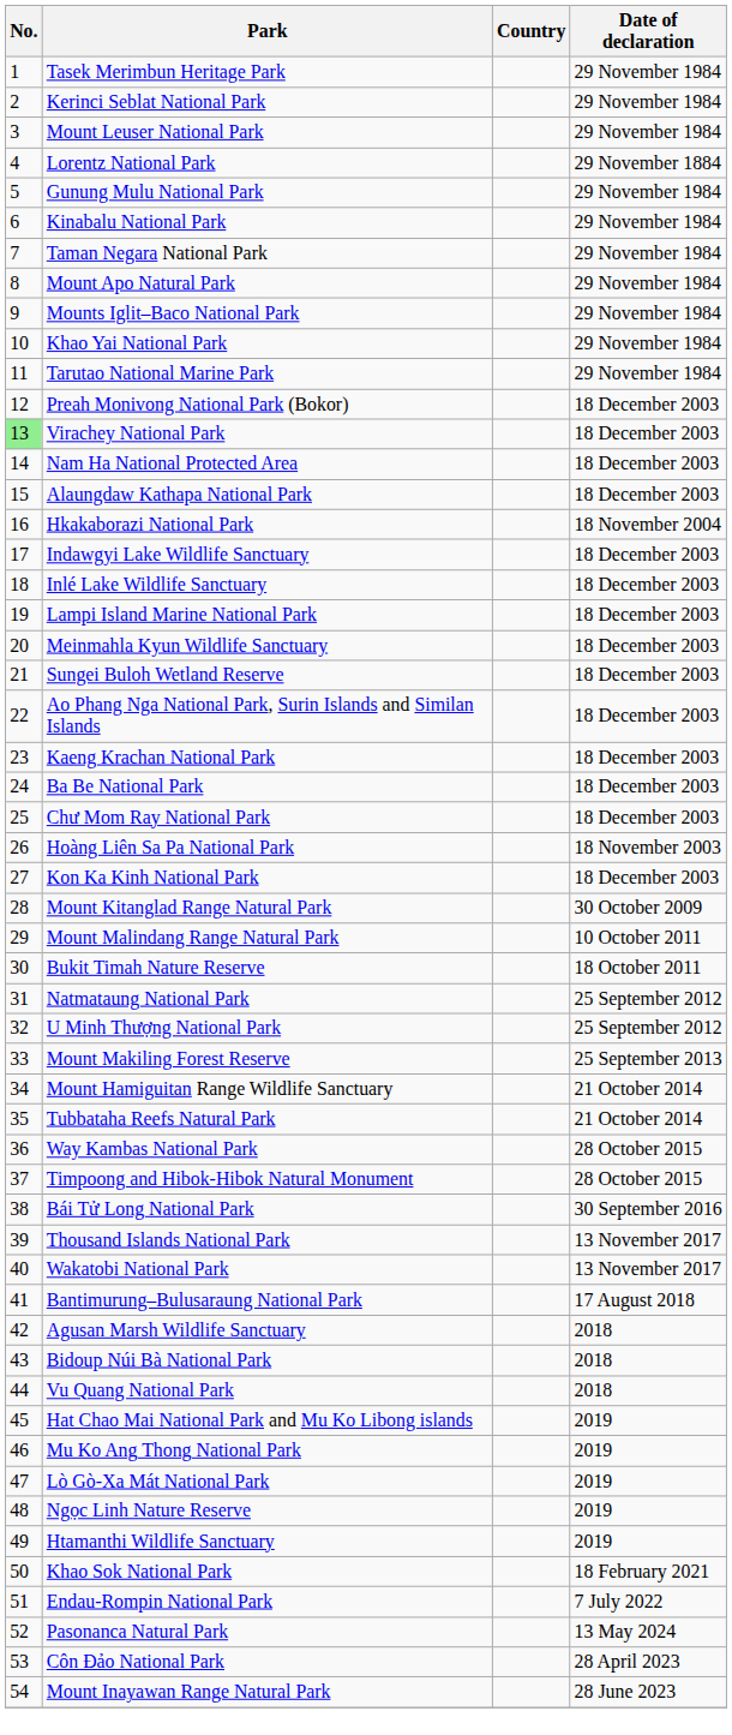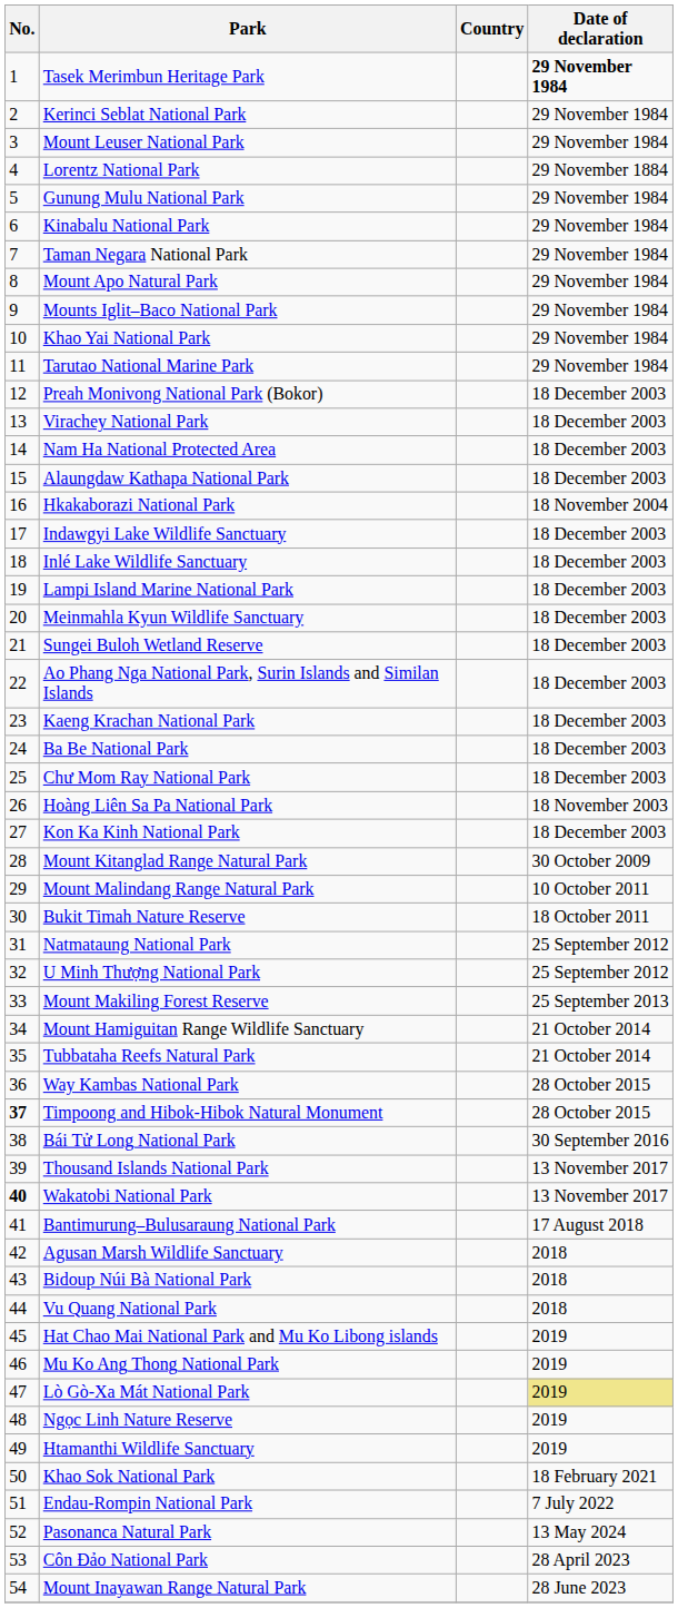 <table class="wikitable sortable">
 <tr>
 <th>No.</th>
 <th>Park</th>
 <th>Country</th>
 <th>Date of declaration</th>
 </tr>
 <tr>
 <td>1</td>
 <td><a href='#'>Tasek Merimbun Heritage Park</a></td>
 <td></td>
-<td>29 November 1984</td>
+<td><strong>29 November 1984</strong></td>
 </tr>
 <tr>
 <td>2</td>
 <td><a href='#'>Kerinci Seblat National Park</a></td>
 <td></td>
 <td>29 November 1984</td>
 </tr>
 <tr>
 <td>3</td>
 <td><a href='#'>Mount Leuser National Park</a></td>
 <td></td>
 <td>29 November 1984</td>
 </tr>
 <tr>
 <td>4</td>
 <td><a href='#'>Lorentz National Park</a></td>
 <td></td>
 <td>29 November 1884</td>
 </tr>
 <tr>
 <td>5</td>
 <td><a href='#'>Gunung Mulu National Park</a></td>
 <td></td>
 <td>29 November 1984</td>
 </tr>
 <tr>
 <td>6</td>
 <td><a href='#'>Kinabalu National Park</a></td>
 <td></td>
 <td>29 November 1984</td>
 </tr>
 <tr>
 <td>7</td>
 <td><a href='#'>Taman Negara</a> National Park</td>
 <td></td>
 <td>29 November 1984</td>
 </tr>
 <tr>
 <td>8</td>
 <td><a href='#'>Mount Apo Natural Park</a></td>
 <td></td>
 <td>29 November 1984</td>
 </tr>
 <tr>
 <td>9</td>
 <td><a href='#'>Mounts Iglit–Baco National Park</a></td>
 <td></td>
 <td>29 November 1984</td>
 </tr>
 <tr>
 <td>10</td>
 <td><a href='#'>Khao Yai National Park</a></td>
 <td></td>
 <td>29 November 1984</td>
 </tr>
 <tr>
 <td>11</td>
 <td><a href='#'>Tarutao National Marine Park</a></td>
 <td></td>
 <td>29 November 1984</td>
 </tr>
 <tr>
 <td>12</td>
 <td><a href='#'>Preah Monivong National Park</a> (Bokor)</td>
 <td></td>
 <td>18 December 2003</td>
 </tr>
 <tr>
-<td style="background: lightgreen;">13</td>
+<td>13</td>
 <td><a href='#'>Virachey National Park</a></td>
 <td></td>
 <td>18 December 2003</td>
 </tr>
 <tr>
 <td>14</td>
 <td><a href='#'>Nam Ha National Protected Area</a></td>
 <td></td>
 <td>18 December 2003</td>
 </tr>
 <tr>
 <td>15</td>
 <td><a href='#'>Alaungdaw Kathapa National Park</a></td>
 <td></td>
 <td>18 December 2003</td>
 </tr>
 <tr>
 <td>16</td>
 <td><a href='#'>Hkakaborazi National Park</a></td>
 <td></td>
 <td>18 November 2004</td>
 </tr>
 <tr>
 <td>17</td>
 <td><a href='#'>Indawgyi Lake Wildlife Sanctuary</a></td>
 <td></td>
 <td>18 December 2003</td>
 </tr>
 <tr>
 <td>18</td>
 <td><a href='#'>Inlé Lake Wildlife Sanctuary</a></td>
 <td></td>
 <td>18 December 2003</td>
 </tr>
 <tr>
 <td>19</td>
 <td><a href='#'>Lampi Island Marine National Park</a></td>
 <td></td>
 <td>18 December 2003</td>
 </tr>
 <tr>
 <td>20</td>
 <td><a href='#'>Meinmahla Kyun Wildlife Sanctuary</a></td>
 <td></td>
 <td>18 December 2003</td>
 </tr>
 <tr>
 <td>21</td>
 <td><a href='#'>Sungei Buloh Wetland Reserve</a></td>
 <td></td>
 <td>18 December 2003</td>
 </tr>
 <tr>
 <td>22</td>
 <td><a href='#'>Ao Phang Nga National Park</a>, <a href='#'>Surin Islands</a> and <a href='#'>Similan Islands</a></td>
 <td></td>
 <td>18 December 2003</td>
 </tr>
 <tr>
 <td>23</td>
 <td><a href='#'>Kaeng Krachan National Park</a></td>
 <td></td>
 <td>18 December 2003</td>
 </tr>
 <tr>
 <td>24</td>
 <td><a href='#'>Ba Be National Park</a></td>
 <td></td>
 <td>18 December 2003</td>
 </tr>
 <tr>
 <td>25</td>
 <td><a href='#'>Chư Mom Ray National Park</a></td>
 <td></td>
 <td>18 December 2003</td>
 </tr>
 <tr>
 <td>26</td>
 <td><a href='#'>Hoàng Liên Sa Pa National Park</a></td>
 <td></td>
 <td>18 November 2003</td>
 </tr>
 <tr>
 <td>27</td>
 <td><a href='#'>Kon Ka Kinh National Park</a></td>
 <td></td>
 <td>18 December 2003</td>
 </tr>
 <tr>
 <td>28</td>
 <td><a href='#'>Mount Kitanglad Range Natural Park</a></td>
 <td></td>
 <td>30 October 2009</td>
 </tr>
 <tr>
 <td>29</td>
 <td><a href='#'>Mount Malindang Range Natural Park</a></td>
 <td></td>
 <td>10 October 2011</td>
 </tr>
 <tr>
 <td>30</td>
 <td><a href='#'>Bukit Timah Nature Reserve</a></td>
 <td></td>
 <td>18 October 2011</td>
 </tr>
 <tr>
 <td>31</td>
 <td><a href='#'>Natmataung National Park</a></td>
 <td></td>
 <td>25 September 2012</td>
 </tr>
 <tr>
 <td>32</td>
 <td><a href='#'>U Minh Thượng National Park</a></td>
 <td></td>
 <td>25 September 2012</td>
 </tr>
 <tr>
 <td>33</td>
 <td><a href='#'>Mount Makiling Forest Reserve</a></td>
 <td></td>
 <td>25 September 2013</td>
 </tr>
 <tr>
 <td>34</td>
 <td><a href='#'>Mount Hamiguitan</a> Range Wildlife Sanctuary</td>
 <td></td>
 <td>21 October 2014</td>
 </tr>
 <tr>
 <td>35</td>
 <td><a href='#'>Tubbataha Reefs Natural Park</a></td>
 <td></td>
 <td>21 October 2014</td>
 </tr>
 <tr>
 <td>36</td>
 <td><a href='#'>Way Kambas National Park</a></td>
 <td></td>
 <td>28 October 2015</td>
 </tr>
 <tr>
-<td>37</td>
+<td><strong>37</strong></td>
 <td><a href='#'>Timpoong and Hibok-Hibok Natural Monument</a></td>
 <td></td>
 <td>28 October 2015</td>
 </tr>
 <tr>
 <td>38</td>
 <td><a href='#'>Bái Tử Long National Park</a></td>
 <td></td>
 <td>30 September 2016</td>
 </tr>
 <tr>
 <td>39</td>
 <td><a href='#'>Thousand Islands National Park</a></td>
 <td></td>
 <td>13 November 2017</td>
 </tr>
 <tr>
-<td>40</td>
+<td><strong>40</strong></td>
 <td><a href='#'>Wakatobi National Park</a></td>
 <td></td>
 <td>13 November 2017</td>
 </tr>
 <tr>
 <td>41</td>
 <td><a href='#'>Bantimurung–Bulusaraung National Park</a></td>
 <td></td>
 <td>17 August 2018</td>
 </tr>
 <tr>
 <td>42</td>
 <td><a href='#'>Agusan Marsh Wildlife Sanctuary</a></td>
 <td></td>
 <td>2018</td>
 </tr>
 <tr>
 <td>43</td>
 <td><a href='#'>Bidoup Núi Bà National Park</a></td>
 <td></td>
 <td>2018</td>
 </tr>
 <tr>
 <td>44</td>
 <td><a href='#'>Vu Quang National Park</a></td>
 <td></td>
 <td>2018</td>
 </tr>
 <tr>
 <td>45</td>
 <td><a href='#'>Hat Chao Mai National Park</a> and <a href='#'>Mu Ko Libong islands</a></td>
 <td></td>
 <td>2019</td>
 </tr>
 <tr>
 <td>46</td>
 <td><a href='#'>Mu Ko Ang Thong National Park</a></td>
 <td></td>
 <td>2019</td>
 </tr>
 <tr>
 <td>47</td>
 <td><a href='#'>Lò Gò-Xa Mát National Park</a></td>
 <td></td>
-<td>2019</td>
+<td style="background: khaki;">2019</td>
 </tr>
 <tr>
 <td>48</td>
 <td><a href='#'>Ngọc Linh Nature Reserve</a></td>
 <td></td>
 <td>2019</td>
 </tr>
 <tr>
 <td>49</td>
 <td><a href='#'>Htamanthi Wildlife Sanctuary</a></td>
 <td></td>
 <td>2019</td>
 </tr>
 <tr>
 <td>50</td>
 <td><a href='#'>Khao Sok National Park</a></td>
 <td></td>
 <td>18 February 2021</td>
 </tr>
 <tr>
 <td>51</td>
 <td><a href='#'>Endau-Rompin National Park</a></td>
 <td></td>
 <td>7 July 2022</td>
 </tr>
 <tr>
 <td>52</td>
 <td><a href='#'>Pasonanca Natural Park</a></td>
 <td></td>
 <td>13 May 2024</td>
 </tr>
 <tr>
 <td>53</td>
 <td><a href='#'>Côn Đảo National Park</a></td>
 <td></td>
 <td>28 April 2023</td>
 </tr>
 <tr>
 <td>54</td>
 <td><a href='#'>Mount Inayawan Range Natural Park</a></td>
 <td></td>
 <td>28 June 2023</td>
 </tr>
 <tr>
 </tr>
 </table>
